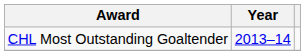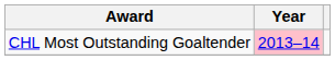 <table class="wikitable">
 <tr>
 <th>Award</th>
 <th>Year</th>
 <th></th>
 </tr>
 <tr>
 <td><a href='#'>CHL</a> Most Outstanding Goaltender</td>
-<td><a href='#'>2013–14</a></td>
+<td style="background: pink;"><a href='#'>2013–14</a></td>
 <td></td>
 </tr>
 <tr>
 </tr>
 </table>
